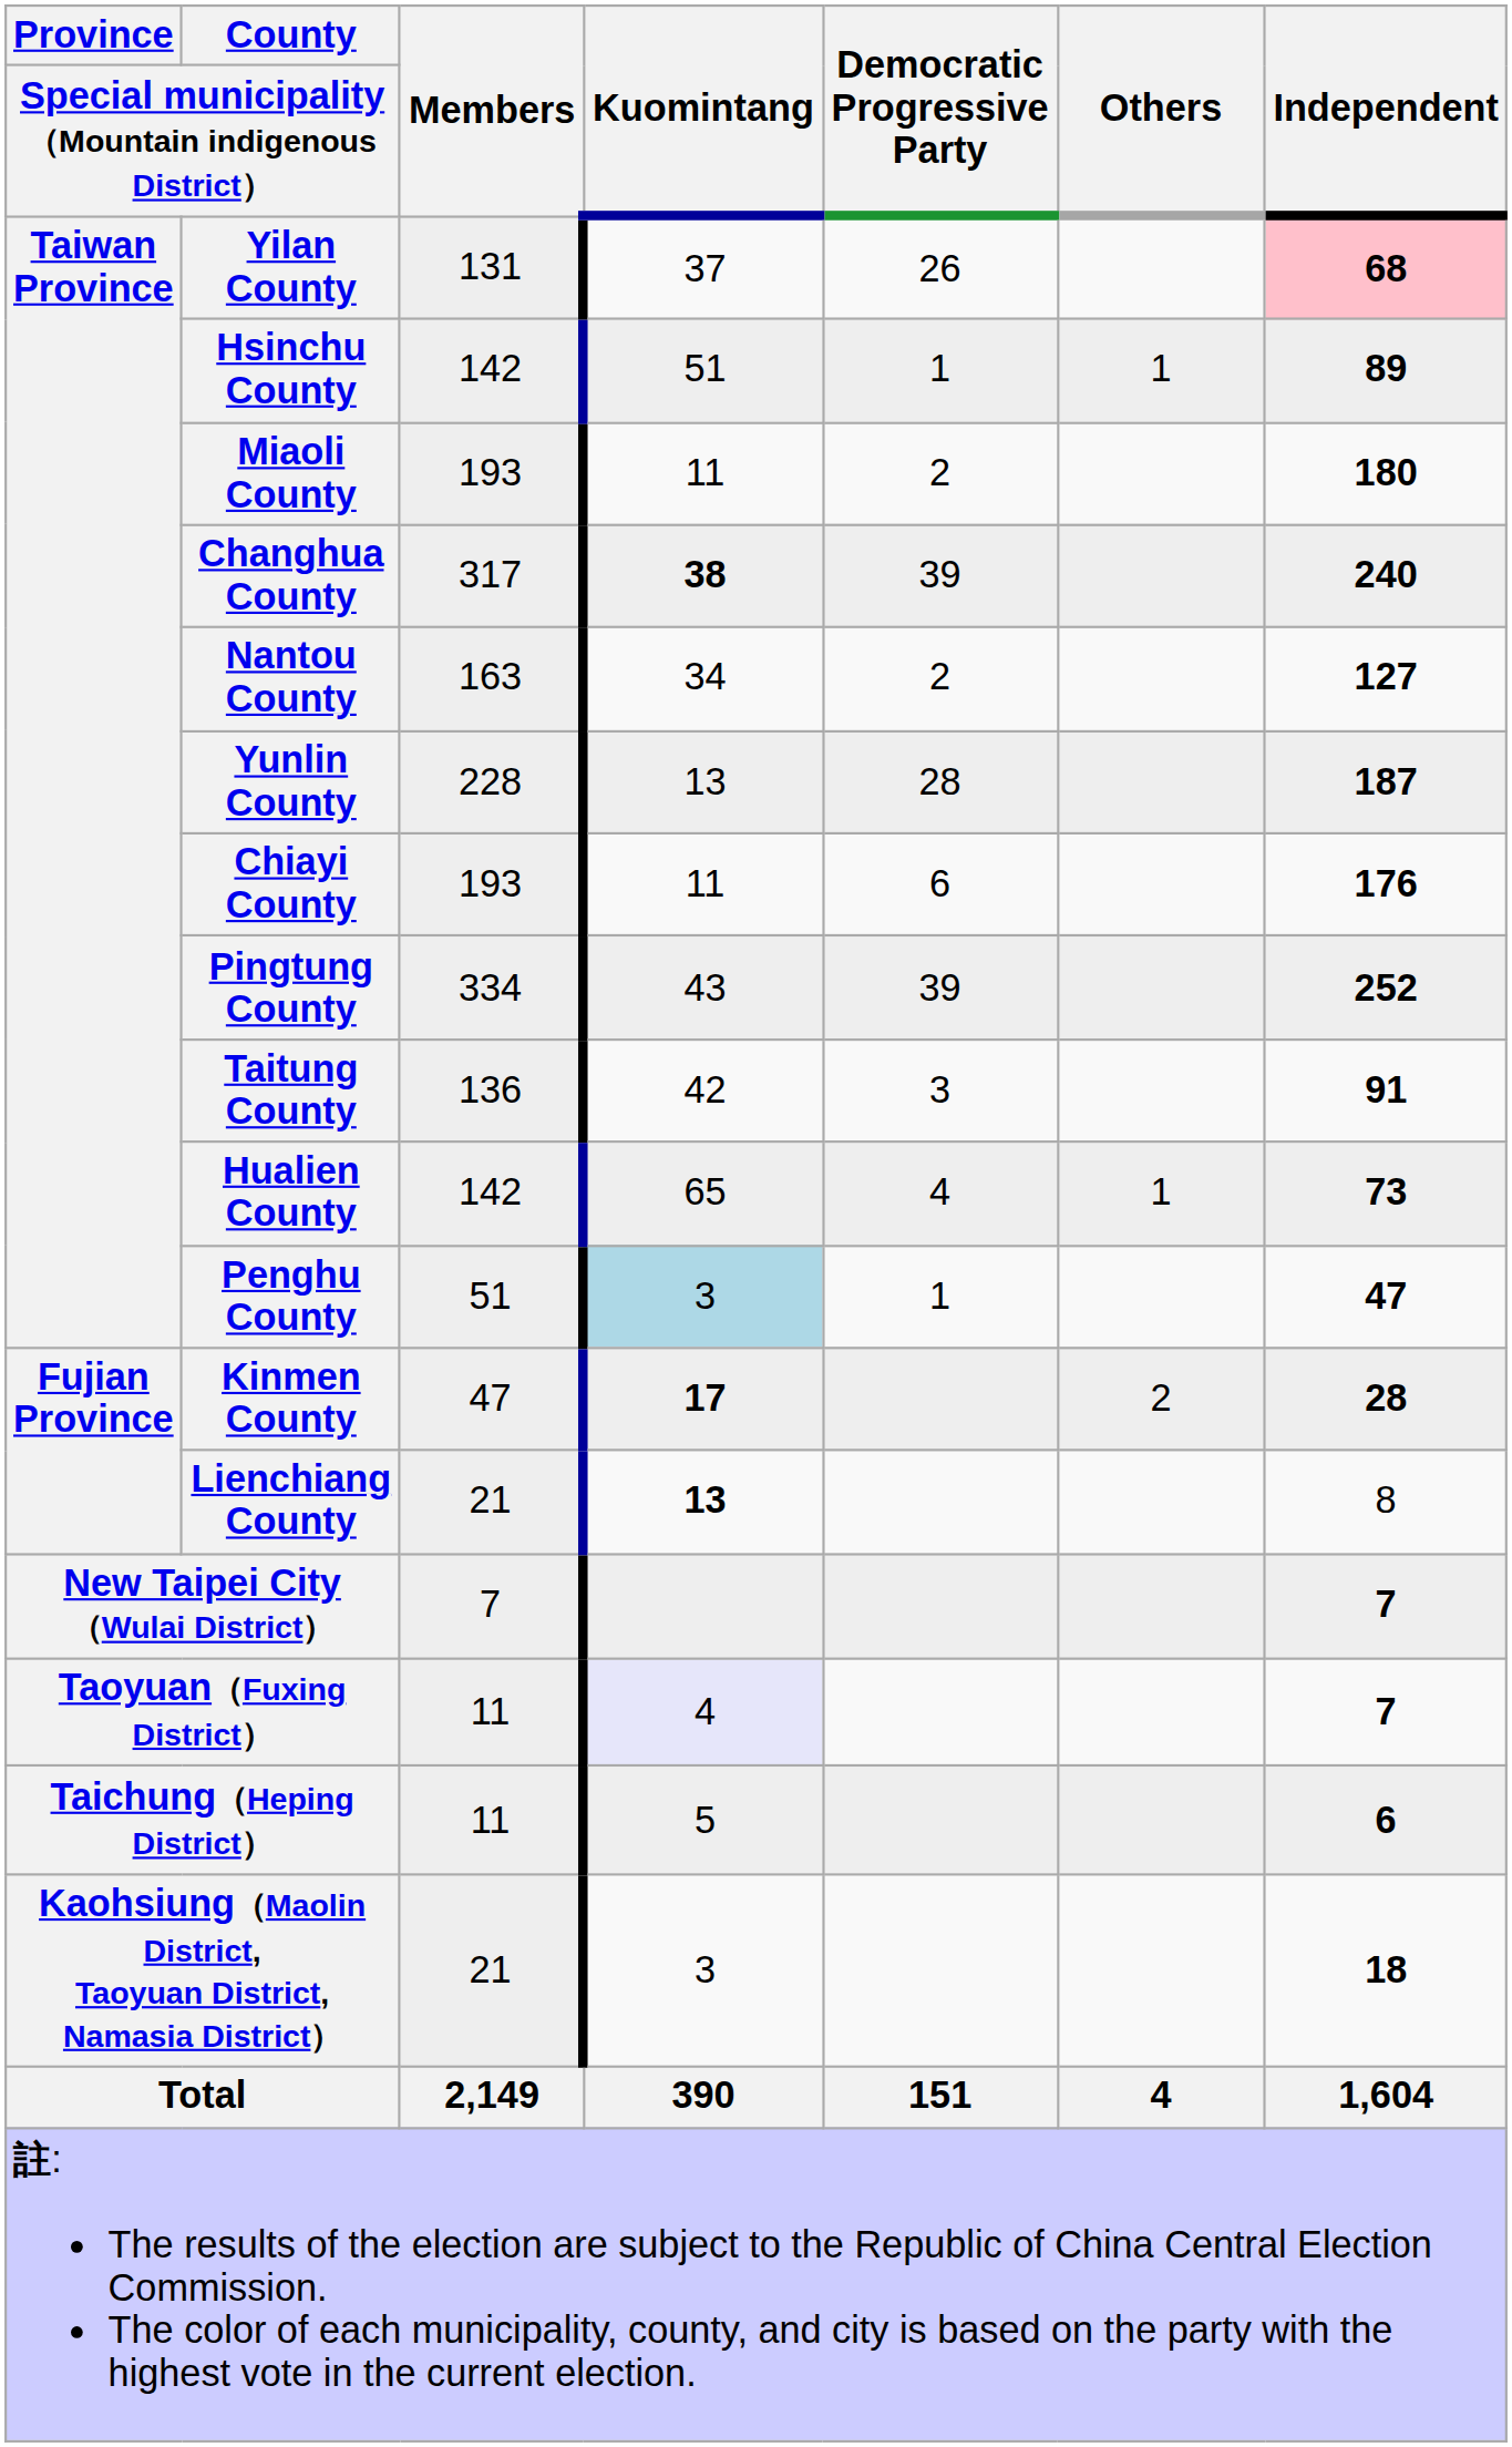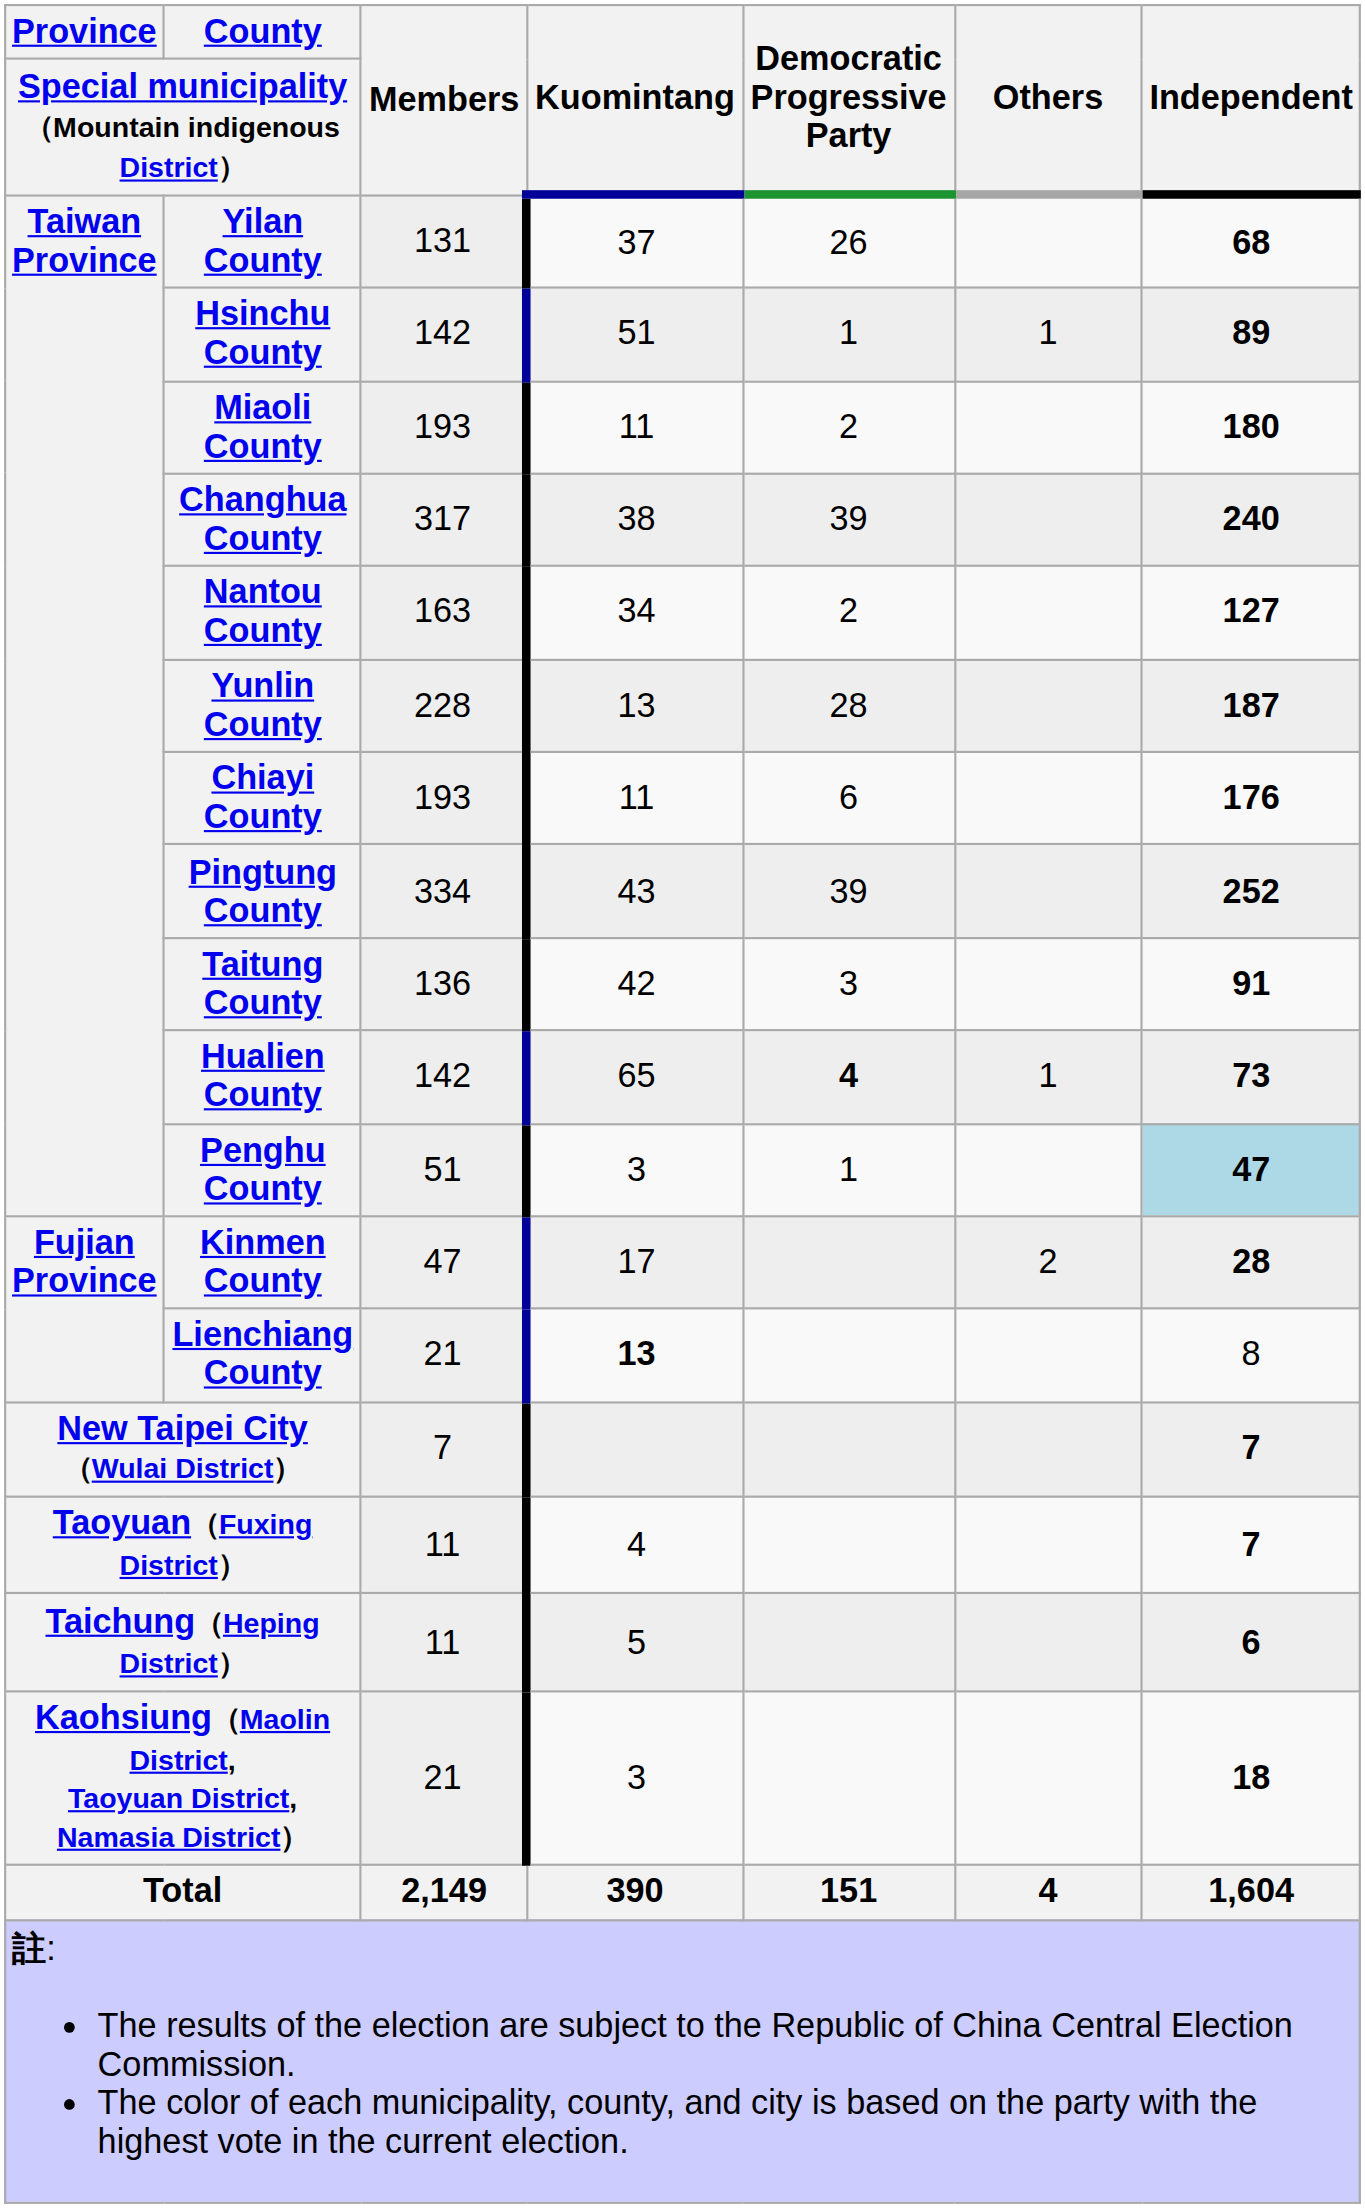 <table class="wikitable collapsible" style="text-align:center; margin:auto">
 <tr>
 <th style="width:60px;"><a href='#'>Province</a></th>
 <th style="width:60px;"><a href='#'>County</a></th>
 <th rowspan=2 style="width:50px;">Members</th>
 <th rowspan=2 style="width:80px; border-bottom:4px solid #000099;">Kuomintang</th>
 <th rowspan=2 style="width:80px; border-bottom:4px solid #1B9431;">Democratic Progressive Party</th>
 <th rowspan=2 style="width:80px; border-bottom:4px solid #A6A6A6;">Others</th>
 <th rowspan=2 style="width:80px; border-bottom:4px solid #000000;">Independent</th>
 </tr>
 <tr>
 <th colspan=2><a href='#'>Special municipality</a><br><small>（Mountain indigenous <a href='#'>District</a>）</small></th>
 </tr>
 <tr>
 <th rowspan=11 valign=top><a href='#'>Taiwan Province</a></th>
 <th><a href='#'>Yilan County</a></th>
 <td bgcolor=#EEEEEE style="border-right:4px solid #000000;">131</td>
 <td>37</td>
 <td>26</td>
 <td></td>
-<td style="background: pink;"><strong>68</strong></td>
+<td><strong>68</strong></td>
 </tr>
 <tr bgcolor="#EEEEEE">
 <th><a href='#'>Hsinchu County</a></th>
 <td bgcolor=#EEEEEE style="border-right:4px solid #000099;">142</td>
 <td>51</td>
 <td>1</td>
 <td>1</td>
 <td><strong>89</strong></td>
 </tr>
 <tr>
 <th><a href='#'>Miaoli County</a></th>
 <td bgcolor=#EEEEEE style="border-right:4px solid #000000;">193</td>
 <td>11</td>
 <td>2</td>
 <td></td>
 <td><strong>180</strong></td>
 </tr>
 <tr bgcolor="#EEEEEE">
 <th><a href='#'>Changhua County</a></th>
 <td bgcolor=#EEEEEE style="border-right:4px solid #000000;">317</td>
-<td><strong>38</strong></td>
+<td>38</td>
 <td>39</td>
 <td></td>
 <td><strong>240</strong></td>
 </tr>
 <tr>
 <th><a href='#'>Nantou County</a></th>
 <td bgcolor=#EEEEEE style="border-right:4px solid #000000;">163</td>
 <td>34</td>
 <td>2</td>
 <td></td>
 <td><strong>127</strong></td>
 </tr>
 <tr bgcolor="#EEEEEE">
 <th><a href='#'>Yunlin County</a></th>
 <td bgcolor=#EEEEEE style="border-right:4px solid #000000;">228</td>
 <td>13</td>
 <td>28</td>
 <td></td>
 <td><strong>187</strong></td>
 </tr>
 <tr>
 <th><a href='#'>Chiayi County</a></th>
 <td bgcolor=#EEEEEE style="border-right:4px solid #000000;">193</td>
 <td>11</td>
 <td>6</td>
 <td></td>
 <td><strong>176</strong></td>
 </tr>
 <tr bgcolor="#EEEEEE">
 <th><a href='#'>Pingtung County</a></th>
 <td bgcolor=#EEEEEE style="border-right:4px solid #000000;">334</td>
 <td>43</td>
 <td>39</td>
 <td></td>
 <td><strong>252</strong></td>
 </tr>
 <tr>
 <th><a href='#'>Taitung County</a></th>
 <td bgcolor=#EEEEEE style="border-right:4px solid #000000;">136</td>
 <td>42</td>
 <td>3</td>
 <td></td>
 <td><strong>91</strong></td>
 </tr>
 <tr bgcolor="#EEEEEE">
 <th><a href='#'>Hualien County</a></th>
 <td bgcolor=#EEEEEE style="border-right:4px solid #000099;">142</td>
 <td>65</td>
-<td>4</td>
+<td><strong>4</strong></td>
 <td>1</td>
 <td><strong>73</strong></td>
 </tr>
 <tr>
 <th><a href='#'>Penghu County</a></th>
 <td bgcolor=#EEEEEE style="border-right:4px solid #000000;">51</td>
-<td style="background: lightblue;">3</td>
+<td>3</td>
 <td>1</td>
 <td></td>
-<td><strong>47</strong></td>
+<td style="background: lightblue;"><strong>47</strong></td>
 </tr>
 <tr bgcolor="#EEEEEE">
 <th rowspan=2 valign=top><a href='#'>Fujian Province</a></th>
 <th><a href='#'>Kinmen County</a></th>
 <td bgcolor=#EEEEEE style="border-right:4px solid #000099;">47</td>
-<td><strong>17</strong></td>
+<td>17</td>
 <td></td>
 <td>2</td>
 <td><strong>28</strong></td>
 </tr>
 <tr>
 <th><a href='#'>Lienchiang County</a></th>
 <td bgcolor=#EEEEEE style="border-right:4px solid #000099;">21</td>
 <td><strong>13 </strong></td>
 <td></td>
 <td></td>
 <td>8</td>
 </tr>
 <tr bgcolor="#EEEEEE">
 <th colspan=2><a href='#'>New Taipei City</a><small>（<a href='#'>Wulai District</a>）</small></th>
 <td bgcolor=#EEEEEE style="border-right:4px solid #000000;">7</td>
 <td></td>
 <td></td>
 <td></td>
 <td><strong>7</strong></td>
 </tr>
 <tr>
 <th colspan=2><a href='#'>Taoyuan</a><small>（<a href='#'>Fuxing District</a>）</small></th>
 <td bgcolor=#EEEEEE style="border-right:4px solid #000000;">11</td>
-<td style="background: lavender;">4</td>
+<td>4</td>
 <td></td>
 <td></td>
 <td><strong>7</strong></td>
 </tr>
 <tr bgcolor="#EEEEEE">
 <th colspan=2><a href='#'>Taichung</a><small>（<a href='#'>Heping District</a>）</small></th>
 <td bgcolor=#EEEEEE style="border-right:4px solid #000000;">11</td>
 <td>5</td>
 <td></td>
 <td></td>
 <td><strong>6</strong></td>
 </tr>
 <tr>
 <th colspan=2><a href='#'>Kaohsiung</a><small>（<a href='#'>Maolin District</a>,<br><a href='#'>Taoyuan District</a>, <a href='#'>Namasia District</a>）</small></th>
 <td bgcolor=#EEEEEE style="border-right:4px solid #000000;">21</td>
 <td>3</td>
 <td></td>
 <td></td>
 <td><strong>18</strong></td>
 </tr>
 <tr>
 <th colspan=2>Total</th>
 <th>2,149</th>
 <th>390</th>
 <th>151</th>
 <th>4</th>
 <th>1,604</th>
 </tr>
 <tr>
 <td colspan=11 bgcolor=#CCCCFF align=left><strong>註</strong>:<br><ul><li>The results of the election are subject to the Republic of China Central Election Commission.</li><li>The color of each municipality, county, and city is based on the party with the highest vote in the current election.</li></ul></td>
 </tr>
 </table>
